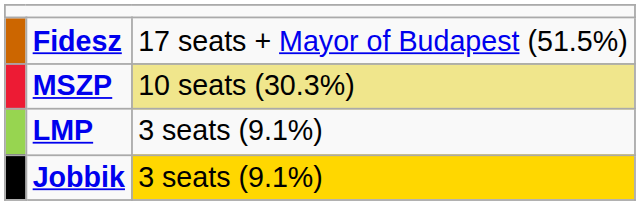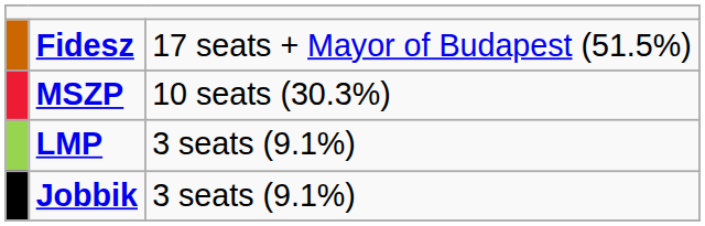 <table class="wikitable">
 <tr>
 <td colspan="4" bgcolor=""></td>
 </tr>
 <tr style="background:; text-align:;">
 <td style="background:#CC6600"> </td>
 <td><strong><a href='#'>Fidesz</a></strong></td>
 <td>17 seats + <a href='#'>Mayor of Budapest</a> (51.5%)</td>
 </tr>
 <tr>
 <td style="background:#ED1B34"> </td>
 <td><strong><a href='#'>MSZP</a></strong></td>
-<td style="background: khaki;">10 seats (30.3%)</td>
+<td>10 seats (30.3%)</td>
 </tr>
 <tr>
 <td style="background:#97D550"> </td>
 <td><strong><a href='#'>LMP</a></strong></td>
 <td>3 seats (9.1%)</td>
 </tr>
 <tr>
 <td style="background:#000000"> </td>
 <td><strong><a href='#'>Jobbik</a></strong></td>
-<td style="background: gold;">3 seats (9.1%)</td>
+<td>3 seats (9.1%)</td>
 </tr>
 </table>
